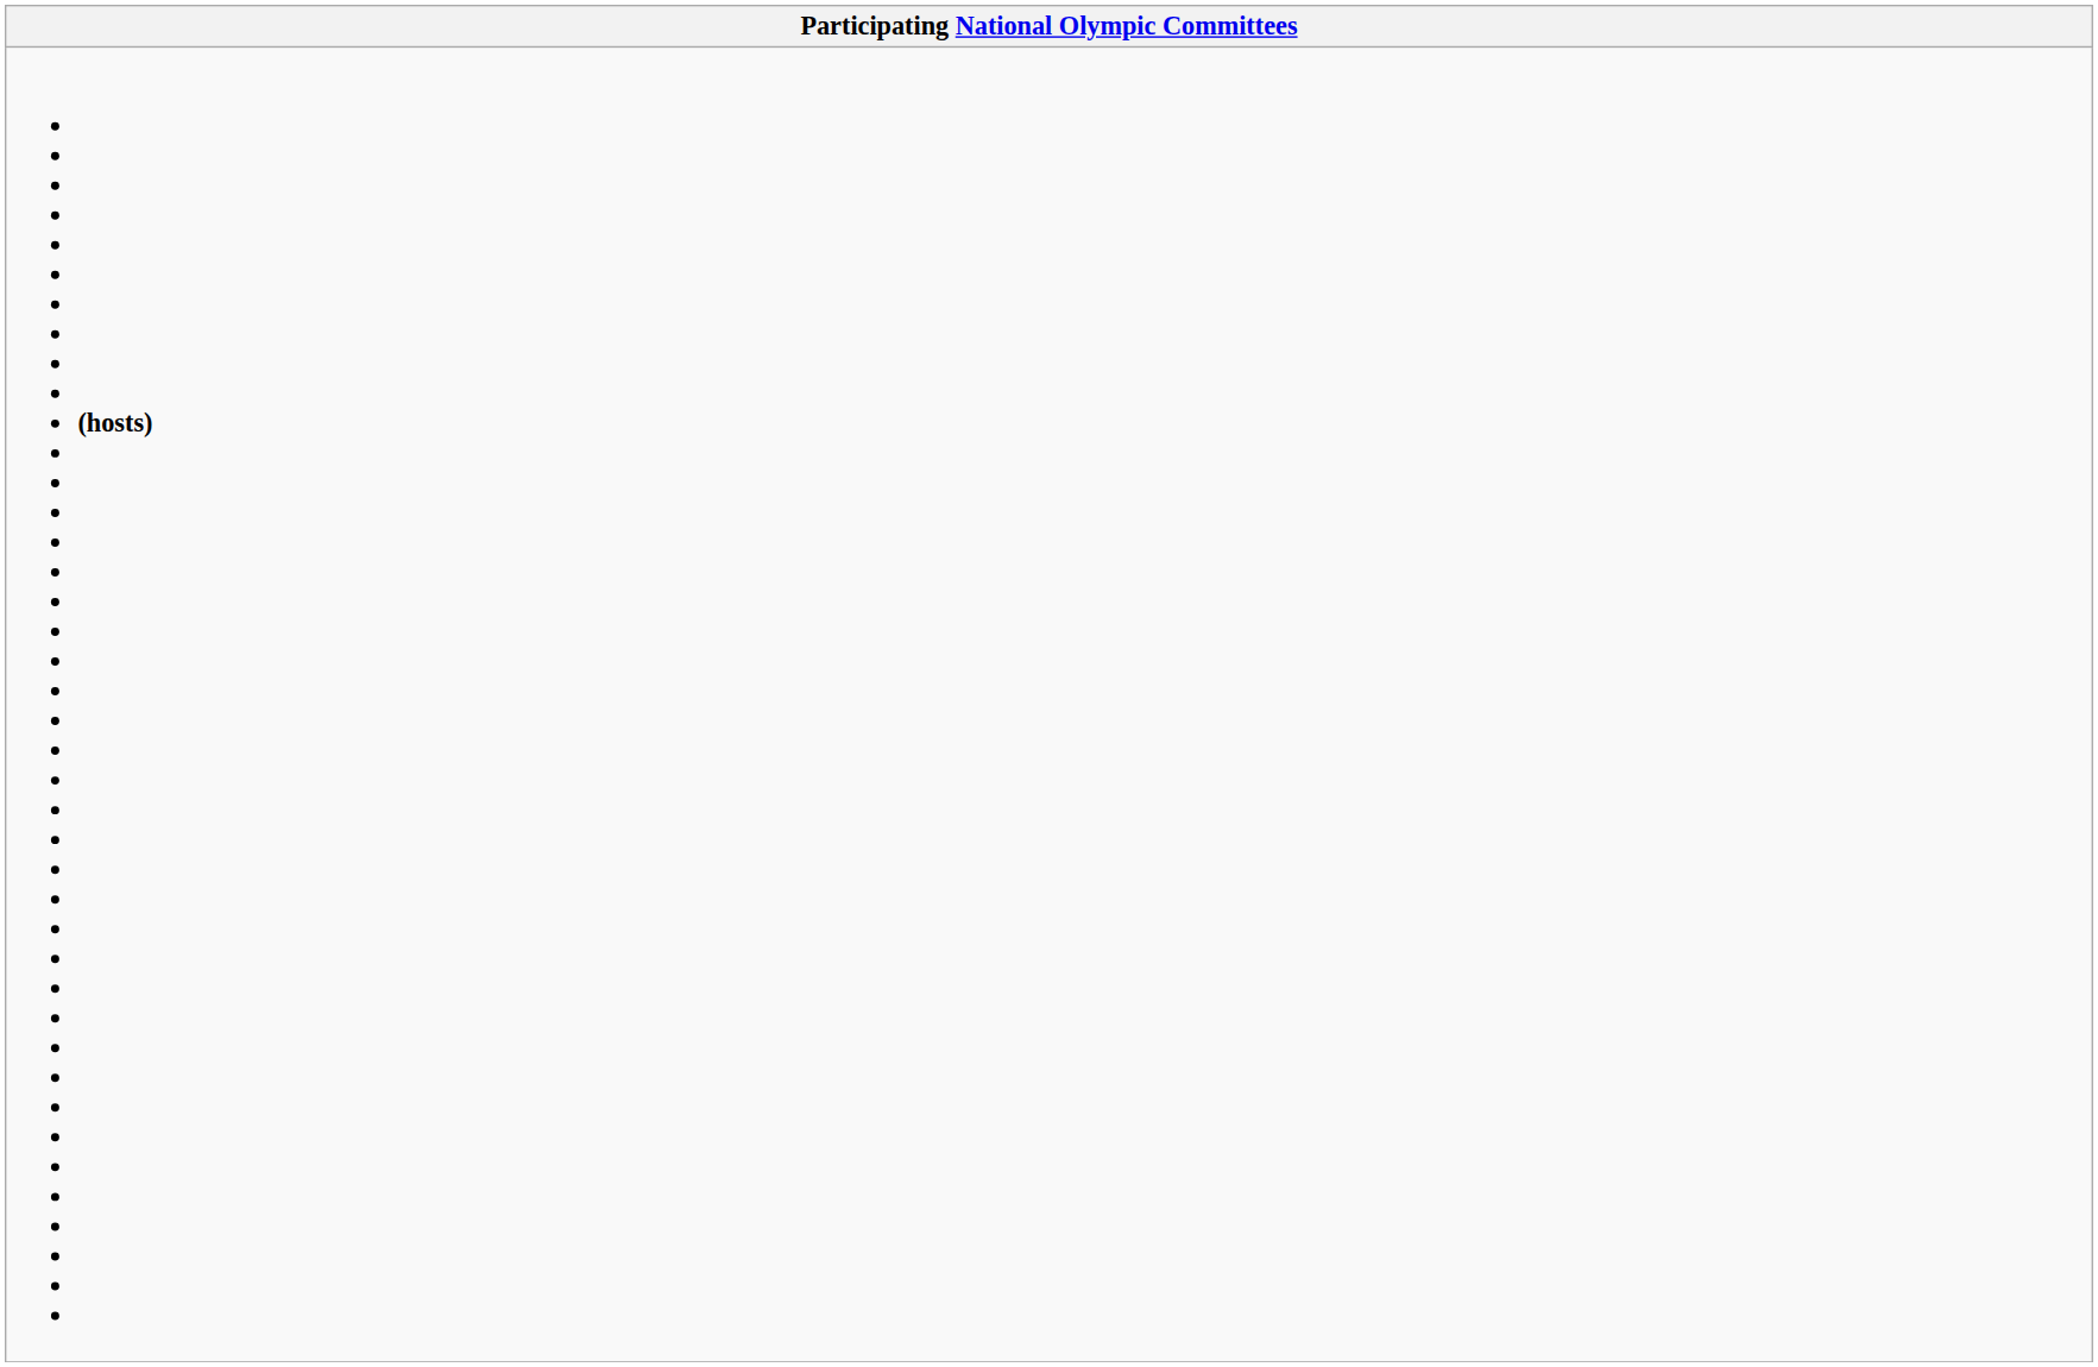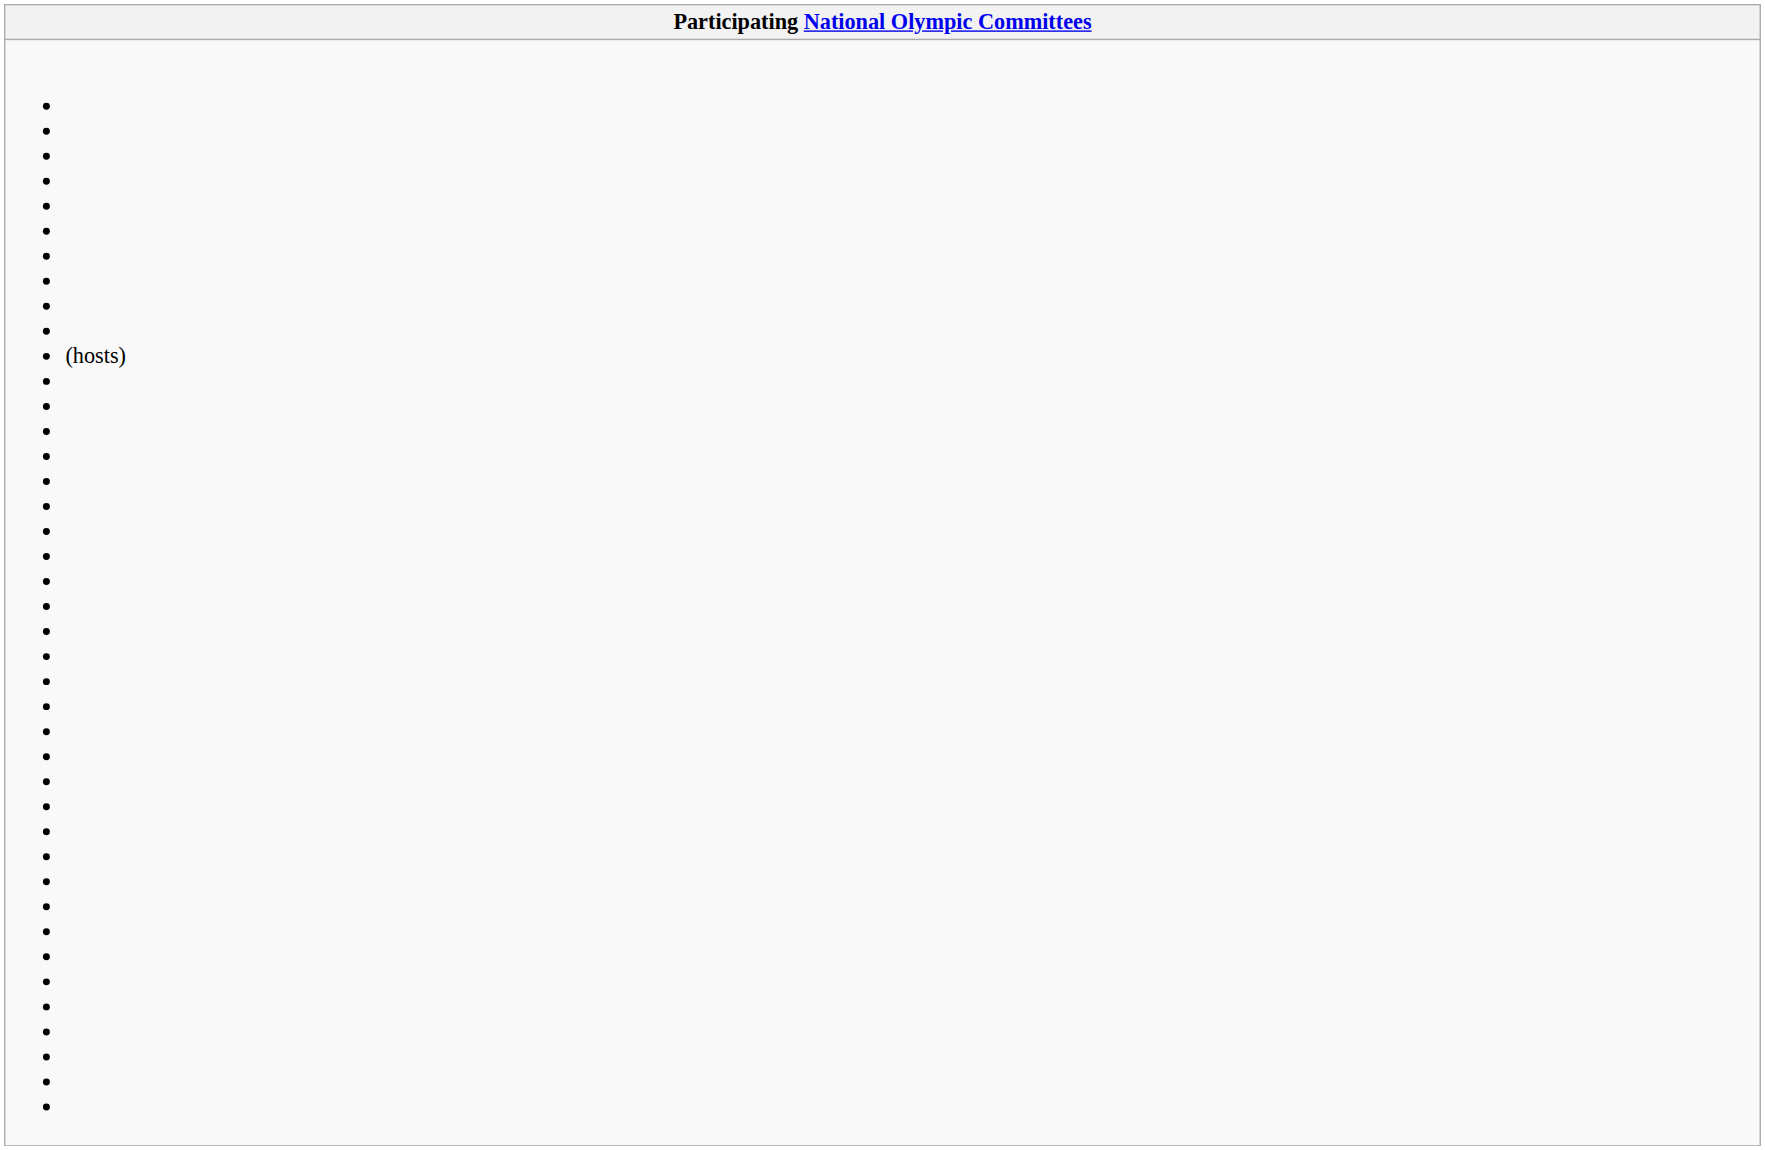 <table class="wikitable mw-collapsible" style="width:100%;">
 <tr>
 <th>Participating <a href='#'>National Olympic Committees</a></th>
 </tr>
 <tr>
-<td><strong><br><ul><li></li><li></li><li></li><li></li><li></li><li></li><li></li><li></li><li></li><li></li><li> (hosts)</li><li></li><li></li><li></li><li></li><li></li><li></li><li></li><li></li><li></li><li></li><li></li><li></li><li></li><li></li><li></li><li></li><li></li><li></li><li></li><li></li><li></li><li></li><li></li><li></li><li></li><li></li><li></li><li></li><li></li><li></li></ul></strong></td>
+<td><br><ul><li></li><li></li><li></li><li></li><li></li><li></li><li></li><li></li><li></li><li></li><li> (hosts)</li><li></li><li></li><li></li><li></li><li></li><li></li><li></li><li></li><li></li><li></li><li></li><li></li><li></li><li></li><li></li><li></li><li></li><li></li><li></li><li></li><li></li><li></li><li></li><li></li><li></li><li></li><li></li><li></li><li></li><li></li></ul></td>
 </tr>
 </table>
